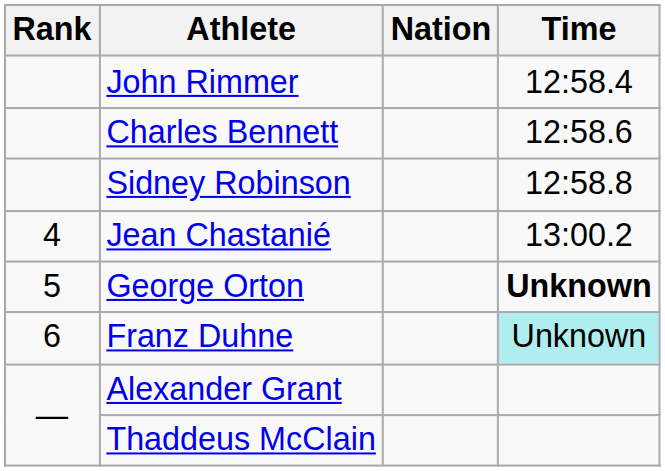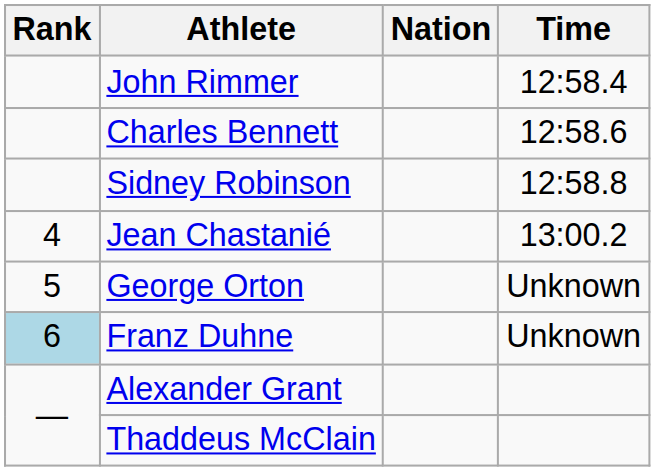 <table class="wikitable sortable" style="text-align:center">
 <tr>
 <th>Rank</th>
 <th>Athlete</th>
 <th>Nation</th>
 <th>Time</th>
 </tr>
 <tr>
 <td></td>
 <td align=left><a href='#'>John Rimmer</a></td>
 <td align=left></td>
 <td>12:58.4</td>
 </tr>
 <tr>
 <td></td>
 <td align=left><a href='#'>Charles Bennett</a></td>
 <td align=left></td>
 <td>12:58.6</td>
 </tr>
 <tr>
 <td></td>
 <td align=left><a href='#'>Sidney Robinson</a></td>
 <td align=left></td>
 <td>12:58.8</td>
 </tr>
 <tr>
 <td>4</td>
 <td align=left><a href='#'>Jean Chastanié</a></td>
 <td align=left></td>
 <td>13:00.2</td>
 </tr>
 <tr>
 <td>5</td>
 <td align=left><a href='#'>George Orton</a></td>
 <td align=left></td>
-<td data-sort-value=21:00.0><strong>Unknown</strong></td>
+<td data-sort-value=21:00.0>Unknown</td>
 </tr>
 <tr>
-<td>6</td>
+<td style="background: lightblue;">6</td>
 <td align=left><a href='#'>Franz Duhne</a></td>
 <td align=left></td>
-<td data-sort-value=22:00.0 style="background: paleturquoise;">Unknown</td>
+<td data-sort-value=22:00.0>Unknown</td>
 </tr>
 <tr>
 <td rowspan=2 data-sort-value=7>—</td>
 <td align=left><a href='#'>Alexander Grant</a></td>
 <td align=left></td>
 <td data-sort-value=99:99.9></td>
 </tr>
 <tr>
 <td align=left><a href='#'>Thaddeus McClain</a></td>
 <td align=left></td>
 <td data-sort-value=99:99.9></td>
 </tr>
 </table>
